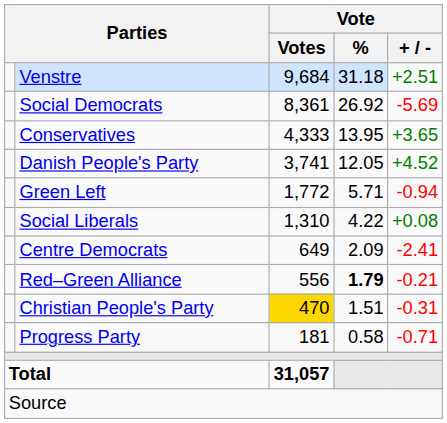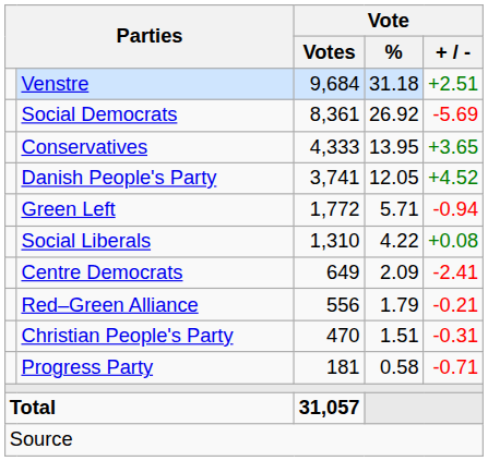 <table class="wikitable" style="text-align:right;">
 <tr>
 <th style="text-align:centre;" rowspan="2" colspan="2" width="225">Parties</th>
 <th colspan="3">Vote</th>
 </tr>
 <tr>
 <th width="15">Votes</th>
 <th width="15">%</th>
 <th width="15">+ / -</th>
 </tr>
 <tr>
 <td width="2" style="color:inherit;background:"></td>
 <td bgcolor=#cfe5fe  align="left"><a href='#'>Venstre</a></td>
 <td bgcolor=#cfe5fe>9,684</td>
 <td bgcolor=#cfe5fe>31.18</td>
 <td style=color:green;>+2.51</td>
 </tr>
 <tr>
 <td width="2" style="color:inherit;background:"></td>
 <td align="left"><a href='#'>Social Democrats</a></td>
 <td>8,361</td>
 <td>26.92</td>
 <td style=color:red;>-5.69</td>
 </tr>
 <tr>
 <td width="2" style="color:inherit;background:"></td>
 <td align="left"><a href='#'>Conservatives</a></td>
 <td>4,333</td>
 <td>13.95</td>
 <td style=color:green;>+3.65</td>
 </tr>
 <tr>
 <td width="2" style="color:inherit;background:"></td>
 <td align="left"><a href='#'>Danish People's Party</a></td>
 <td>3,741</td>
 <td>12.05</td>
 <td style=color:green;>+4.52</td>
 </tr>
 <tr>
 <td width="2" style="color:inherit;background:"></td>
 <td align="left"><a href='#'>Green Left</a></td>
 <td>1,772</td>
 <td>5.71</td>
 <td style=color:red;>-0.94</td>
 </tr>
 <tr>
 <td width="2" style="color:inherit;background:"></td>
 <td align="left"><a href='#'>Social Liberals</a></td>
 <td>1,310</td>
 <td>4.22</td>
 <td style=color:green;>+0.08</td>
 </tr>
 <tr>
 <td width="2" style="color:inherit;background:"></td>
 <td align="left"><a href='#'>Centre Democrats</a></td>
 <td>649</td>
 <td>2.09</td>
 <td style=color:red;>-2.41</td>
 </tr>
 <tr>
 <td width="2" style="color:inherit;background:"></td>
 <td align="left"><a href='#'>Red–Green Alliance</a></td>
 <td>556</td>
-<td><strong>1.79</strong></td>
+<td>1.79</td>
 <td style=color:red;>-0.21</td>
 </tr>
 <tr>
 <td width="2" style="color:inherit;background:"></td>
 <td align="left"><a href='#'>Christian People's Party</a></td>
-<td style="background: gold;">470</td>
+<td>470</td>
 <td>1.51</td>
 <td style=color:red;>-0.31</td>
 </tr>
 <tr>
 <td width="2" style="color:inherit;background:"></td>
 <td align="left"><a href='#'>Progress Party</a></td>
 <td>181</td>
 <td>0.58</td>
 <td style=color:red;>-0.71</td>
 </tr>
 <tr>
 <td colspan="7" bgcolor="#E9E9E9"></td>
 </tr>
 <tr>
 <td align="left" colspan="2"><strong>Total</strong></td>
 <td><strong>31,057</strong></td>
 <td bgcolor="#E9E9E9" colspan="2"></td>
 </tr>
 <tr>
 <td align="left" colspan="6">Source</td>
 </tr>
 </table>
